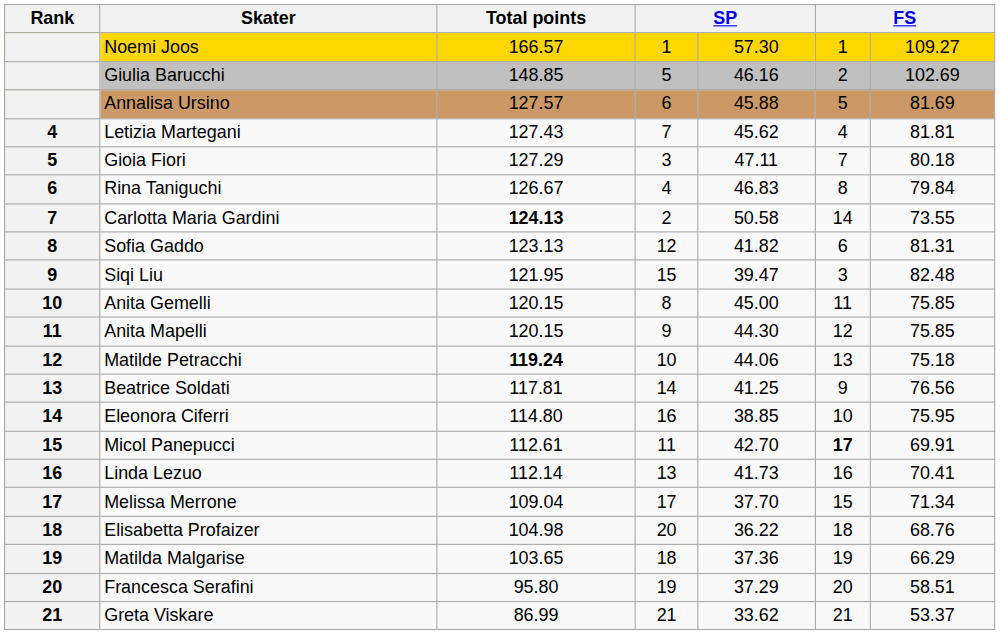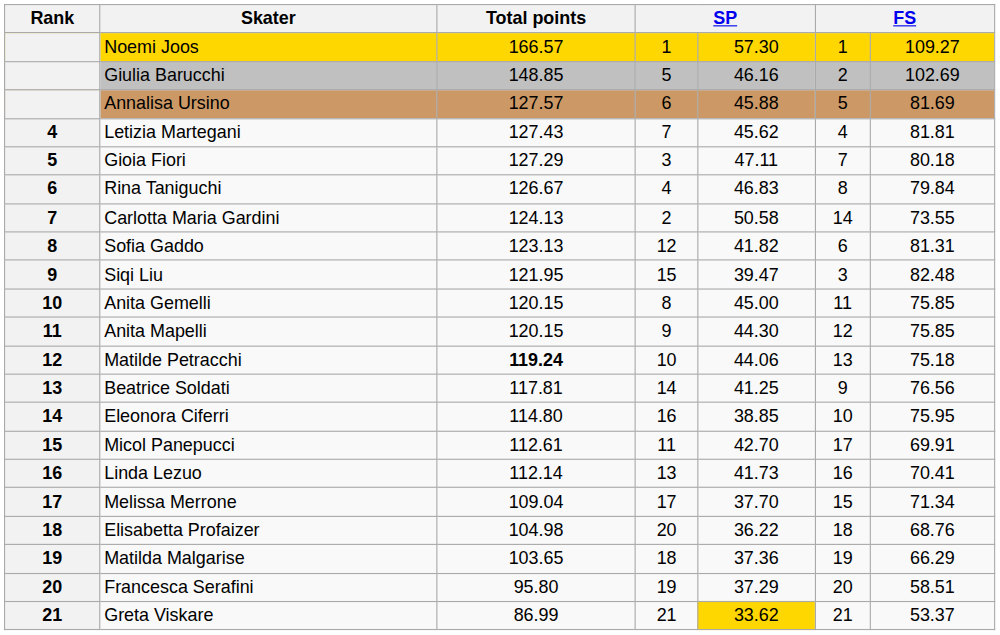 <table class="wikitable sortable" style="text-align:center;" width="70%">
 <tr>
 <th scope="col">Rank</th>
 <th scope="col">Skater</th>
 <th scope="col">Total points</th>
 <th scope="col" colspan="2" width="80px"><a href='#'>SP</a></th>
 <th scope="col" colspan="2" width="80px"><a href='#'>FS</a></th>
 </tr>
 <tr bgcolor="gold">
 <th scope="row"></th>
 <td align="left">Noemi Joos</td>
 <td>166.57</td>
 <td>1</td>
 <td>57.30</td>
 <td>1</td>
 <td>109.27</td>
 </tr>
 <tr bgcolor="silver">
 <th scope="row"></th>
 <td align="left">Giulia Barucchi</td>
 <td>148.85</td>
 <td>5</td>
 <td>46.16</td>
 <td>2</td>
 <td>102.69</td>
 </tr>
 <tr bgcolor="cc9966">
 <th scope="row"></th>
 <td align="left">Annalisa Ursino</td>
 <td>127.57</td>
 <td>6</td>
 <td>45.88</td>
 <td>5</td>
 <td>81.69</td>
 </tr>
 <tr>
 <th scope="row">4</th>
 <td align="left">Letizia Martegani</td>
 <td>127.43</td>
 <td>7</td>
 <td>45.62</td>
 <td>4</td>
 <td>81.81</td>
 </tr>
 <tr>
 <th scope="row">5</th>
 <td align="left">Gioia Fiori</td>
 <td>127.29</td>
 <td>3</td>
 <td>47.11</td>
 <td>7</td>
 <td>80.18</td>
 </tr>
 <tr>
 <th scope="row">6</th>
 <td align="left">Rina Taniguchi</td>
 <td>126.67</td>
 <td>4</td>
 <td>46.83</td>
 <td>8</td>
 <td>79.84</td>
 </tr>
 <tr>
 <th scope="row">7</th>
 <td align="left">Carlotta Maria Gardini</td>
-<td><strong>124.13</strong></td>
+<td>124.13</td>
 <td>2</td>
 <td>50.58</td>
 <td>14</td>
 <td>73.55</td>
 </tr>
 <tr>
 <th scope="row">8</th>
 <td align="left">Sofia Gaddo</td>
 <td>123.13</td>
 <td>12</td>
 <td>41.82</td>
 <td>6</td>
 <td>81.31</td>
 </tr>
 <tr>
 <th scope="row">9</th>
 <td align="left">Siqi Liu</td>
 <td>121.95</td>
 <td>15</td>
 <td>39.47</td>
 <td>3</td>
 <td>82.48</td>
 </tr>
 <tr>
 <th scope="row">10</th>
 <td align="left">Anita Gemelli</td>
 <td>120.15</td>
 <td>8</td>
 <td>45.00</td>
 <td>11</td>
 <td>75.85</td>
 </tr>
 <tr>
 <th scope="row">11</th>
 <td align="left">Anita Mapelli</td>
 <td>120.15</td>
 <td>9</td>
 <td>44.30</td>
 <td>12</td>
 <td>75.85</td>
 </tr>
 <tr>
 <th scope="row">12</th>
 <td align="left">Matilde Petracchi</td>
 <td><strong>119.24</strong></td>
 <td>10</td>
 <td>44.06</td>
 <td>13</td>
 <td>75.18</td>
 </tr>
 <tr>
 <th scope="row">13</th>
 <td align="left">Beatrice Soldati</td>
 <td>117.81</td>
 <td>14</td>
 <td>41.25</td>
 <td>9</td>
 <td>76.56</td>
 </tr>
 <tr>
 <th scope="row">14</th>
 <td align="left">Eleonora Ciferri</td>
 <td>114.80</td>
 <td>16</td>
 <td>38.85</td>
 <td>10</td>
 <td>75.95</td>
 </tr>
 <tr>
 <th scope="row">15</th>
 <td align="left">Micol Panepucci</td>
 <td>112.61</td>
 <td>11</td>
 <td>42.70</td>
-<td><strong>17</strong></td>
+<td>17</td>
 <td>69.91</td>
 </tr>
 <tr>
 <th scope="row">16</th>
 <td align="left">Linda Lezuo</td>
 <td>112.14</td>
 <td>13</td>
 <td>41.73</td>
 <td>16</td>
 <td>70.41</td>
 </tr>
 <tr>
 <th scope="row">17</th>
 <td align="left">Melissa Merrone</td>
 <td>109.04</td>
 <td>17</td>
 <td>37.70</td>
 <td>15</td>
 <td>71.34</td>
 </tr>
 <tr>
 <th scope="row">18</th>
 <td align="left">Elisabetta Profaizer</td>
 <td>104.98</td>
 <td>20</td>
 <td>36.22</td>
 <td>18</td>
 <td>68.76</td>
 </tr>
 <tr>
 <th scope="row">19</th>
 <td align="left">Matilda Malgarise</td>
 <td>103.65</td>
 <td>18</td>
 <td>37.36</td>
 <td>19</td>
 <td>66.29</td>
 </tr>
 <tr>
 <th scope="row">20</th>
 <td align="left">Francesca Serafini</td>
 <td>95.80</td>
 <td>19</td>
 <td>37.29</td>
 <td>20</td>
 <td>58.51</td>
 </tr>
 <tr>
 <th scope="row">21</th>
 <td align="left">Greta Viskare</td>
 <td>86.99</td>
 <td>21</td>
-<td>33.62</td>
+<td style="background: gold;">33.62</td>
 <td>21</td>
 <td>53.37</td>
 </tr>
 </table>
